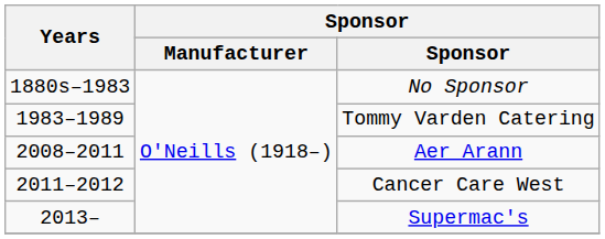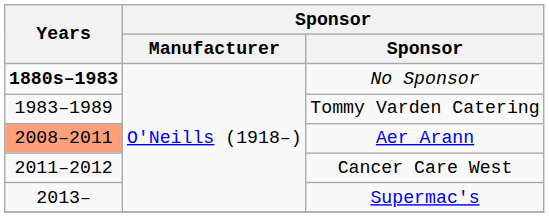 <table class="wikitable" style="text-align: center">
 <tr>
 <th rowspan="2">Years</th>
 <th colspan="2">Sponsor</th>
 </tr>
 <tr>
 <th>Manufacturer</th>
 <th>Sponsor</th>
 </tr>
 <tr>
-<td>1880s–1983</td>
+<td><strong>1880s–1983</strong></td>
 <td rowspan= "5" colspan= "1"><a href='#'>O'Neills</a> (1918–)</td>
 <td><em>No Sponsor</em></td>
 </tr>
 <tr>
 <td>1983–1989</td>
 <td>Tommy Varden Catering</td>
 </tr>
 <tr>
-<td>2008–2011</td>
+<td style="background: lightsalmon;">2008–2011</td>
 <td><a href='#'>Aer Arann</a></td>
 </tr>
 <tr>
 <td>2011–2012</td>
 <td>Cancer Care West</td>
 </tr>
 <tr>
 <td>2013–</td>
 <td><a href='#'>Supermac's</a></td>
 </tr>
 <tr>
 </tr>
 </table>
